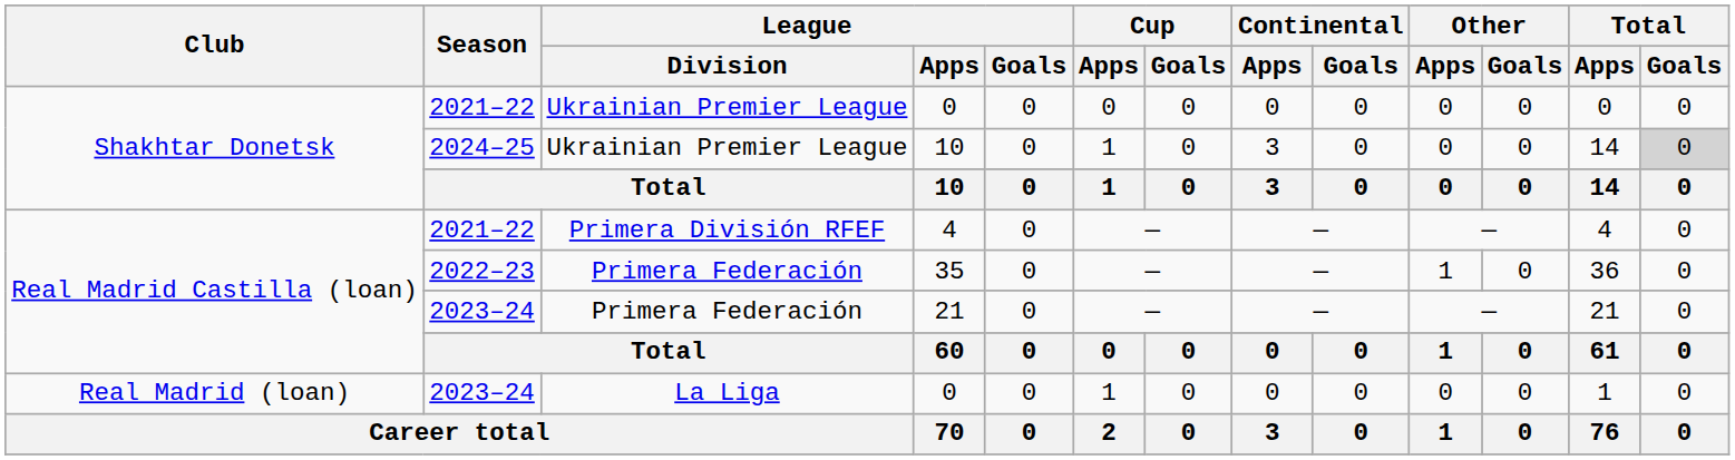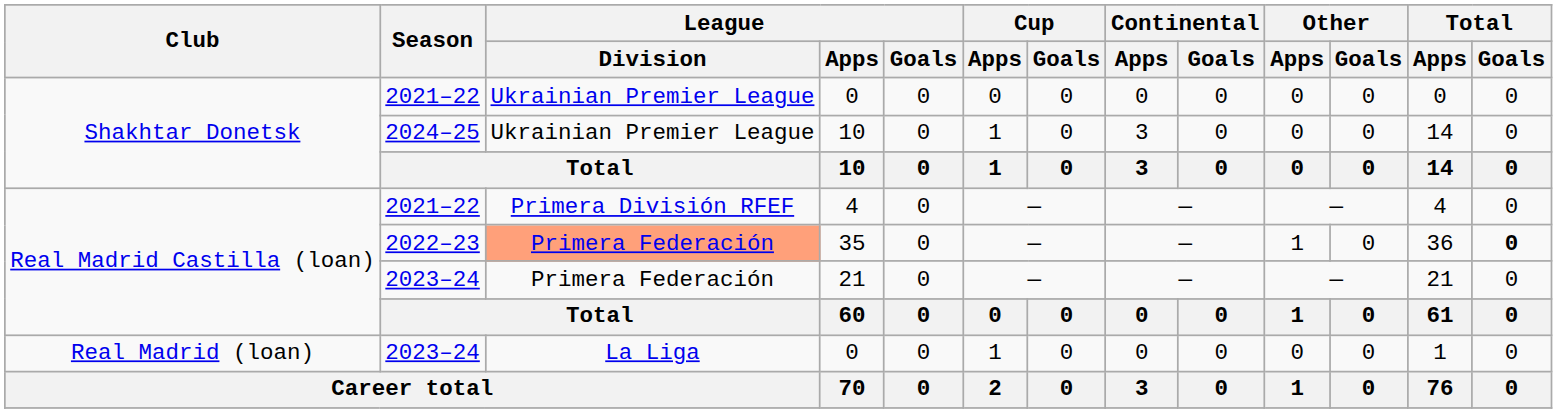 <table class="wikitable" style="text-align:center">
 <tr>
 <th rowspan="2">Club</th>
 <th rowspan="2">Season</th>
 <th colspan="3">League</th>
 <th colspan="2">Cup</th>
 <th colspan="2">Continental</th>
 <th colspan="2">Other</th>
 <th colspan="2">Total</th>
 </tr>
 <tr>
 <th>Division</th>
 <th>Apps</th>
 <th>Goals</th>
 <th>Apps</th>
 <th>Goals</th>
 <th>Apps</th>
 <th>Goals</th>
 <th>Apps</th>
 <th>Goals</th>
 <th>Apps</th>
 <th>Goals</th>
 </tr>
 <tr>
 <td rowspan="3"><a href='#'>Shakhtar Donetsk</a></td>
 <td><a href='#'>2021–22</a></td>
 <td><a href='#'>Ukrainian Premier League</a></td>
 <td>0</td>
 <td>0</td>
 <td>0</td>
 <td>0</td>
 <td>0</td>
 <td>0</td>
 <td>0</td>
 <td>0</td>
 <td>0</td>
 <td>0</td>
 </tr>
 <tr>
 <td><a href='#'>2024–25</a></td>
 <td>Ukrainian Premier League</td>
 <td>10</td>
 <td>0</td>
 <td>1</td>
 <td>0</td>
 <td>3</td>
 <td>0</td>
 <td>0</td>
 <td>0</td>
 <td>14</td>
-<td style="background: lightgrey;">0</td>
+<td>0</td>
 </tr>
 <tr>
 <th colspan="2">Total</th>
 <th>10</th>
 <th>0</th>
 <th>1</th>
 <th>0</th>
 <th>3</th>
 <th>0</th>
 <th>0</th>
 <th>0</th>
 <th>14</th>
 <th>0</th>
 </tr>
 <tr>
 <td rowspan="4"><a href='#'>Real Madrid Castilla</a> (loan)</td>
 <td><a href='#'>2021–22</a></td>
 <td><a href='#'>Primera División RFEF</a></td>
 <td>4</td>
 <td>0</td>
 <td colspan="2">—</td>
 <td colspan="2">—</td>
 <td colspan="2">—</td>
 <td>4</td>
 <td>0</td>
 </tr>
 <tr>
 <td><a href='#'>2022–23</a></td>
-<td><a href='#'>Primera Federación</a></td>
+<td style="background: lightsalmon;"><a href='#'>Primera Federación</a></td>
 <td>35</td>
 <td>0</td>
 <td colspan="2">—</td>
 <td colspan="2">—</td>
 <td>1</td>
 <td>0</td>
 <td>36</td>
-<td>0</td>
+<td><strong>0</strong></td>
 </tr>
 <tr>
 <td><a href='#'>2023–24</a></td>
 <td>Primera Federación</td>
 <td>21</td>
 <td>0</td>
 <td colspan="2">—</td>
 <td colspan="2">—</td>
 <td colspan="2">—</td>
 <td>21</td>
 <td>0</td>
 </tr>
 <tr>
 <th colspan="2">Total</th>
 <th>60</th>
 <th>0</th>
 <th>0</th>
 <th>0</th>
 <th>0</th>
 <th>0</th>
 <th>1</th>
 <th>0</th>
 <th>61</th>
 <th>0</th>
 </tr>
 <tr>
 <td><a href='#'>Real Madrid</a> (loan)</td>
 <td><a href='#'>2023–24</a></td>
 <td><a href='#'>La Liga</a></td>
 <td>0</td>
 <td>0</td>
 <td>1</td>
 <td>0</td>
 <td>0</td>
 <td>0</td>
 <td>0</td>
 <td>0</td>
 <td>1</td>
 <td>0</td>
 </tr>
 <tr>
 <th colspan="3">Career total</th>
 <th>70</th>
 <th>0</th>
 <th>2</th>
 <th>0</th>
 <th>3</th>
 <th>0</th>
 <th>1</th>
 <th>0</th>
 <th>76</th>
 <th>0</th>
 </tr>
 </table>
